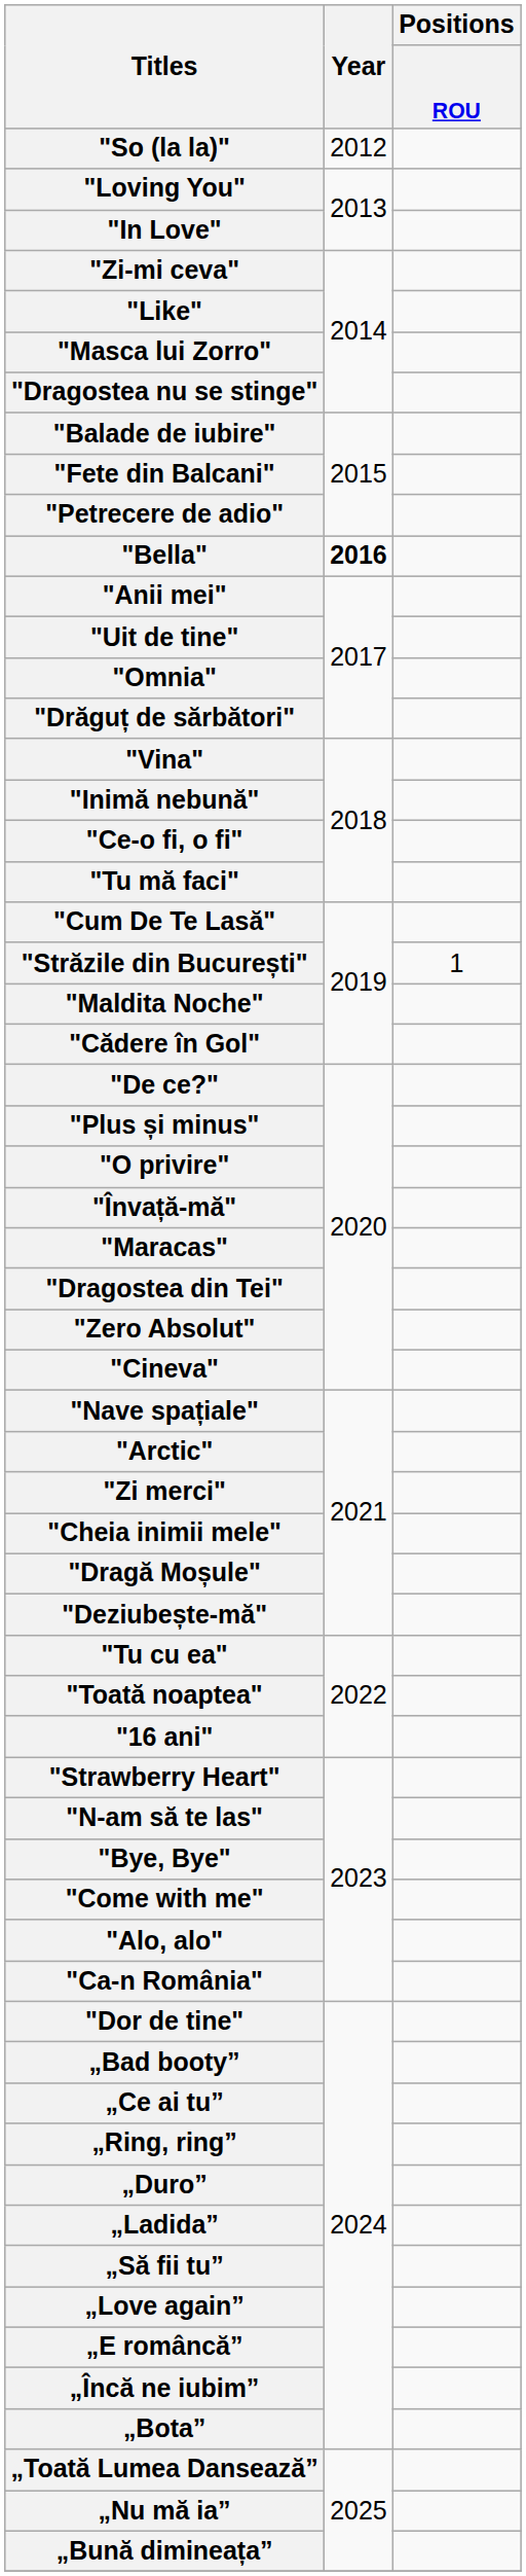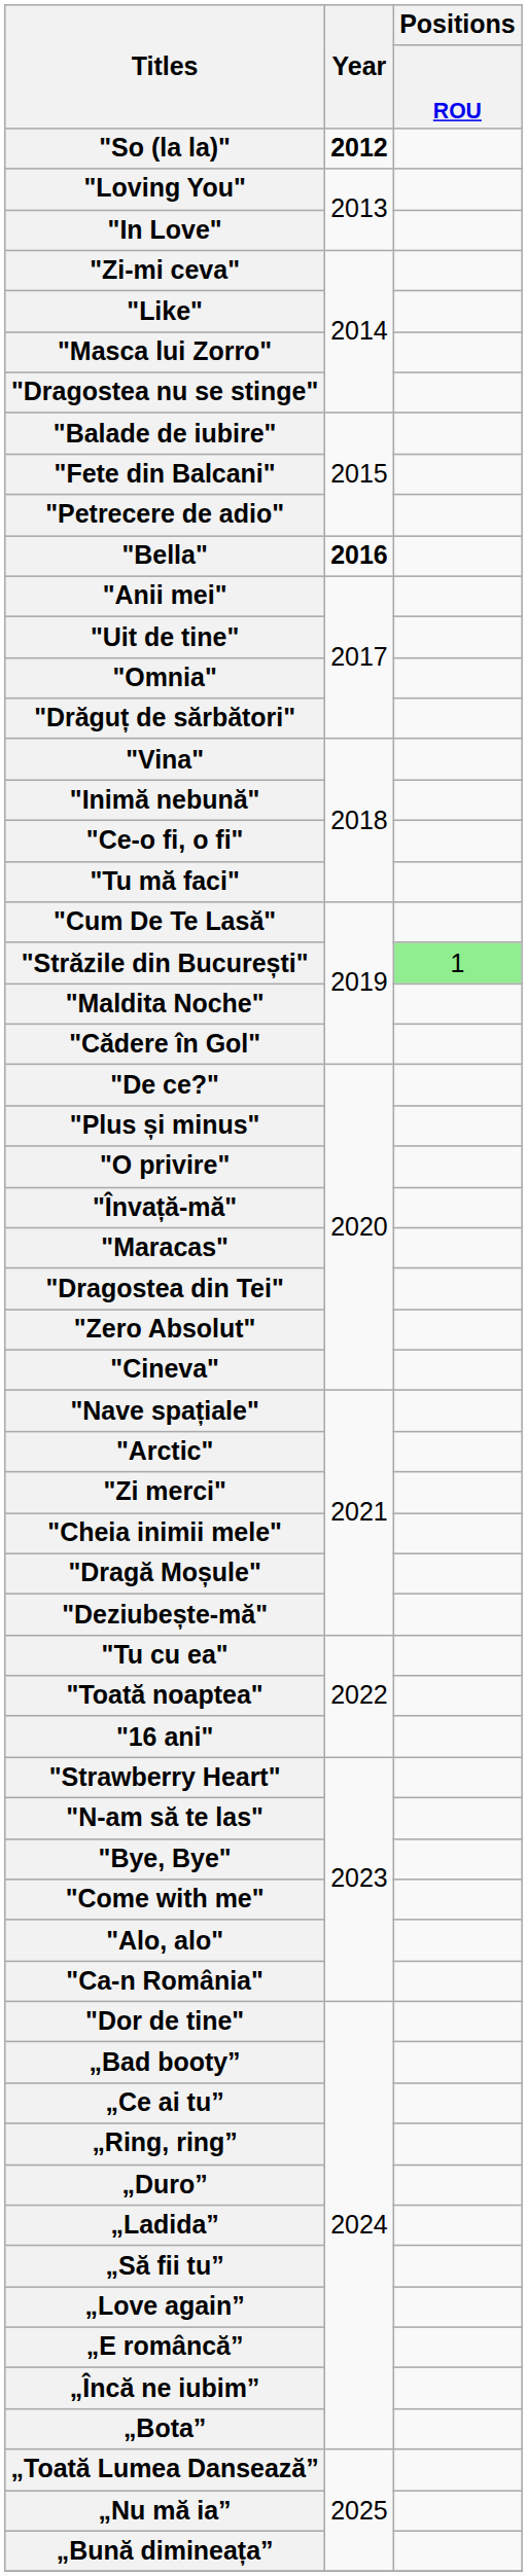 <table class="wikitable plainrowheaders" style="text-align:center;">
 <tr>
 <th rowspan="2" scope="col">Titles</th>
 <th rowspan="2" scope="col">Year</th>
 <th colspan="1" scope="col">Positions</th>
 </tr>
 <tr>
 <th scope="col" style="width:3em; font-size:85%;"><br><br><a href='#'>ROU</a></th>
 </tr>
 <tr>
 <th scope="row">"So (la la)" </th>
-<td rowspan="1">2012</td>
+<td rowspan="1"><strong>2012</strong></td>
 <td></td>
 </tr>
 <tr>
 <th scope="row">"Loving You" </th>
 <td rowspan="2">2013</td>
 <td></td>
 </tr>
 <tr>
 <th scope="row">"In Love" </th>
 <td></td>
 </tr>
 <tr>
 <th scope="row">"Zi-mi ceva" </th>
 <td rowspan="4">2014</td>
 <td></td>
 </tr>
 <tr>
 <th scope="row">"Like"</th>
 <td></td>
 </tr>
 <tr>
 <th scope="row">"Masca lui Zorro"</th>
 <td></td>
 </tr>
 <tr>
 <th scope="row">"Dragostea nu se stinge" </th>
 <td></td>
 </tr>
 <tr>
 <th scope="row">"Balade de iubire"</th>
 <td rowspan="3">2015</td>
 <td></td>
 </tr>
 <tr>
 <th scope="row">"Fete din Balcani" </th>
 <td></td>
 </tr>
 <tr>
 <th scope="row">"Petrecere de adio" </th>
 <td></td>
 </tr>
 <tr>
 <th scope="row">"Bella"</th>
 <td><strong>2016</strong></td>
 <td></td>
 </tr>
 <tr>
 <th scope="row">"Anii mei"</th>
 <td rowspan="4">2017</td>
 <td></td>
 </tr>
 <tr>
 <th scope="row">"Uit de tine"</th>
 <td></td>
 </tr>
 <tr>
 <th scope="row">"Omnia" </th>
 <td></td>
 </tr>
 <tr>
 <th scope="row">"Drăguț de sărbători"</th>
 <td></td>
 </tr>
 <tr>
 <th scope="row">"Vina"</th>
 <td rowspan="4">2018</td>
 <td></td>
 </tr>
 <tr>
 <th scope="row">"Inimă nebună" </th>
 <td></td>
 </tr>
 <tr>
 <th scope="row">"Ce-o fi, o fi" </th>
 <td></td>
 </tr>
 <tr>
 <th scope="row">"Tu mă faci"</th>
 <td></td>
 </tr>
 <tr>
 <th scope="row">"Cum De Te Lasă"</th>
 <td rowspan="4">2019</td>
 <td></td>
 </tr>
 <tr>
 <th scope="row">"Străzile din București" </th>
-<td>1</td>
+<td style="background: lightgreen;">1</td>
 </tr>
 <tr>
 <th scope="row">"Maldita Noche"</th>
 <td></td>
 </tr>
 <tr>
 <th scope="row">"Cădere în Gol" </th>
 <td></td>
 </tr>
 <tr>
 <th scope="row">"De ce?"</th>
 <td rowspan="8">2020</td>
 <td></td>
 </tr>
 <tr>
 <th scope="row">"Plus și minus"</th>
 <td></td>
 </tr>
 <tr>
 <th scope="row">"O privire"</th>
 <td></td>
 </tr>
 <tr>
 <th scope="row">"Învață-mă"</th>
 <td></td>
 </tr>
 <tr>
 <th scope="row">"Maracas" </th>
 <td></td>
 </tr>
 <tr>
 <th scope="row">"Dragostea din Tei" </th>
 <td></td>
 </tr>
 <tr>
 <th scope="row">"Zero Absolut"</th>
 <td></td>
 </tr>
 <tr>
 <th scope="row">"Cineva"</th>
 <td></td>
 </tr>
 <tr>
 <th scope="row">"Nave spațiale"</th>
 <td rowspan="6">2021</td>
 <td></td>
 </tr>
 <tr>
 <th scope="row">"Arctic"</th>
 <td></td>
 </tr>
 <tr>
 <th scope="row">"Zi merci"</th>
 <td></td>
 </tr>
 <tr>
 <th scope="row">"Cheia inimii mele" </th>
 <td></td>
 </tr>
 <tr>
 <th scope="row">"Dragă Moșule" </th>
 <td></td>
 </tr>
 <tr>
 <th scope="row">"Deziubește-mă" </th>
 <td></td>
 </tr>
 <tr>
 <th scope="row">"Tu cu ea" </th>
 <td rowspan="3">2022</td>
 <td></td>
 </tr>
 <tr>
 <th scope="row">"Toată noaptea" </th>
 <td></td>
 </tr>
 <tr>
 <th scope="row">"16 ani" </th>
 <td></td>
 </tr>
 <tr>
 <th scope="row">"Strawberry Heart"</th>
 <td rowspan="6">2023</td>
 <td></td>
 </tr>
 <tr>
 <th scope="row">"N-am să te las"</th>
 <td></td>
 </tr>
 <tr>
 <th scope="row">"Bye, Bye" </th>
 <td></td>
 </tr>
 <tr>
 <th scope="row">"Come with me"</th>
 <td></td>
 </tr>
 <tr>
 <th scope="row">"Alo, alo" </th>
 <td></td>
 </tr>
 <tr>
 <th scope="row">"Ca-n România" </th>
 <td></td>
 </tr>
 <tr>
 <th scope="row">"Dor de tine"</th>
 <td rowspan="11">2024</td>
 <td></td>
 </tr>
 <tr>
 <th scope="row">„Bad booty”</th>
 <td></td>
 </tr>
 <tr>
 <th scope="row">„Ce ai tu”</th>
 <td></td>
 </tr>
 <tr>
 <th scope="row">„Ring, ring”</th>
 <td></td>
 </tr>
 <tr>
 <th scope="row">„Duro”</th>
 <td></td>
 </tr>
 <tr>
 <th scope="row">„Ladida”</th>
 <td></td>
 </tr>
 <tr>
 <th scope="row">„Să fii tu” </th>
 <td></td>
 </tr>
 <tr>
 <th scope="row">„Love again”</th>
 <td></td>
 </tr>
 <tr>
 <th scope="row">„E româncă” </th>
 <td></td>
 </tr>
 <tr>
 <th scope="row">„Încă ne iubim” </th>
 <td></td>
 </tr>
 <tr>
 <th scope="row">„Bota”</th>
 <td></td>
 </tr>
 <tr>
 <th scope="row">„Toată Lumea Dansează”</th>
 <td rowspan="3">2025</td>
 <td></td>
 </tr>
 <tr>
 <th scope="row">„Nu mă ia”</th>
 <td></td>
 </tr>
 <tr>
 <th scope="row">„Bună dimineața” </th>
 <td></td>
 </tr>
 <tr>
 </tr>
 </table>
